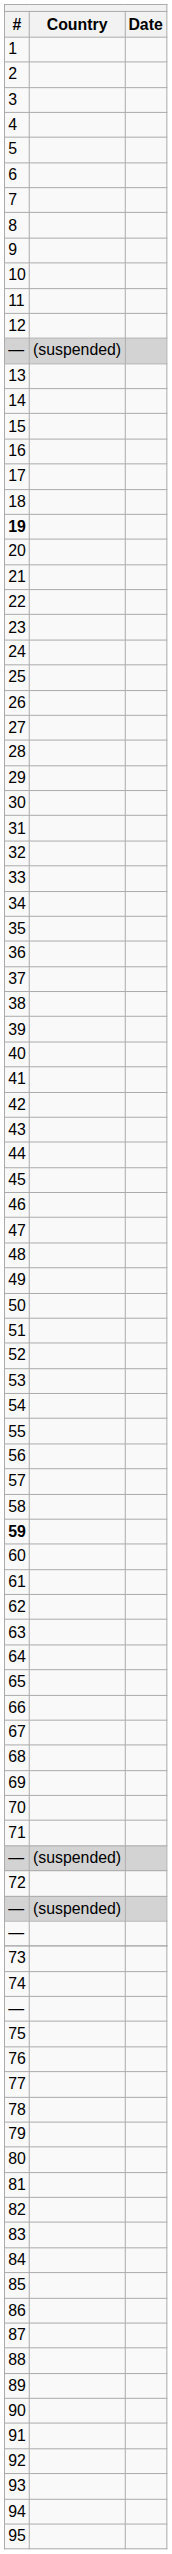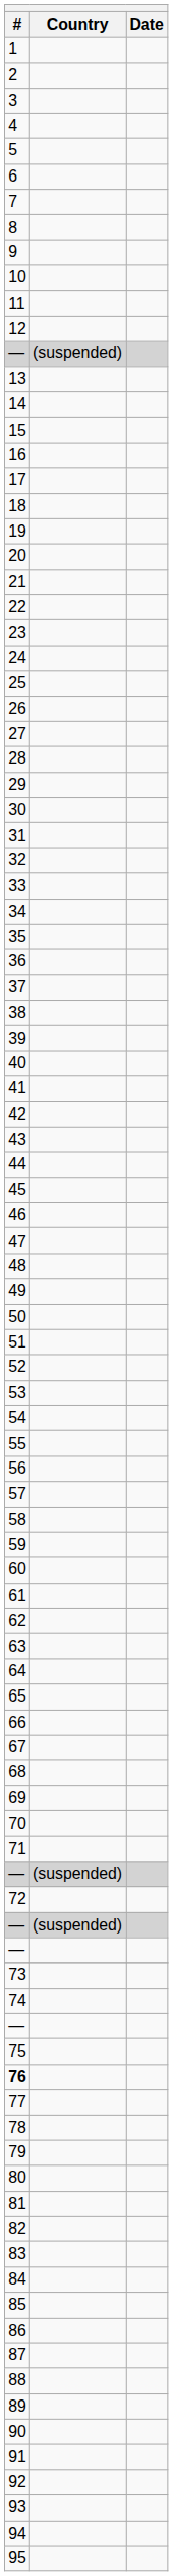 <table class="wikitable sortable">
 <tr>
 <th colspan="3"></th>
 </tr>
 <tr>
 <th>#</th>
 <th>Country</th>
 <th>Date</th>
 </tr>
 <tr>
 <td>1</td>
 <td></td>
 <td></td>
 </tr>
 <tr>
 <td>2</td>
 <td></td>
 <td></td>
 </tr>
 <tr>
 <td>3</td>
 <td></td>
 <td></td>
 </tr>
 <tr>
 <td>4</td>
 <td></td>
 <td></td>
 </tr>
 <tr>
 <td>5</td>
 <td></td>
 <td></td>
 </tr>
 <tr>
 <td>6</td>
 <td></td>
 <td></td>
 </tr>
 <tr>
 <td>7</td>
 <td></td>
 <td></td>
 </tr>
 <tr>
 <td>8</td>
 <td></td>
 <td></td>
 </tr>
 <tr>
 <td>9</td>
 <td></td>
 <td></td>
 </tr>
 <tr>
 <td>10</td>
 <td></td>
 <td></td>
 </tr>
 <tr>
 <td>11</td>
 <td></td>
 <td></td>
 </tr>
 <tr>
 <td>12</td>
 <td></td>
 <td></td>
 </tr>
 <tr style="background:#D3D3D3">
 <td>—</td>
 <td> (suspended)</td>
 <td></td>
 </tr>
 <tr>
 <td>13</td>
 <td></td>
 <td></td>
 </tr>
 <tr>
 <td>14</td>
 <td></td>
 <td></td>
 </tr>
 <tr>
 <td>15</td>
 <td></td>
 <td></td>
 </tr>
 <tr>
 <td>16</td>
 <td></td>
 <td></td>
 </tr>
 <tr>
 <td>17</td>
 <td></td>
 <td></td>
 </tr>
 <tr>
 <td>18</td>
 <td></td>
 <td></td>
 </tr>
 <tr>
-<td><strong>19</strong></td>
+<td>19</td>
 <td></td>
 <td></td>
 </tr>
 <tr>
 <td>20</td>
 <td></td>
 <td></td>
 </tr>
 <tr>
 <td>21</td>
 <td></td>
 <td></td>
 </tr>
 <tr>
 <td>22</td>
 <td></td>
 <td></td>
 </tr>
 <tr>
 <td>23</td>
 <td></td>
 <td></td>
 </tr>
 <tr>
 <td>24</td>
 <td></td>
 <td></td>
 </tr>
 <tr>
 <td>25</td>
 <td></td>
 <td></td>
 </tr>
 <tr>
 <td>26</td>
 <td></td>
 <td></td>
 </tr>
 <tr>
 <td>27</td>
 <td></td>
 <td></td>
 </tr>
 <tr>
 <td>28</td>
 <td></td>
 <td></td>
 </tr>
 <tr>
 <td>29</td>
 <td></td>
 <td></td>
 </tr>
 <tr>
 <td>30</td>
 <td></td>
 <td></td>
 </tr>
 <tr>
 <td>31</td>
 <td></td>
 <td></td>
 </tr>
 <tr>
 <td>32</td>
 <td></td>
 <td></td>
 </tr>
 <tr>
 <td>33</td>
 <td></td>
 <td></td>
 </tr>
 <tr>
 <td>34</td>
 <td></td>
 <td></td>
 </tr>
 <tr>
 <td>35</td>
 <td></td>
 <td></td>
 </tr>
 <tr>
 <td>36</td>
 <td></td>
 <td></td>
 </tr>
 <tr>
 <td>37</td>
 <td></td>
 <td></td>
 </tr>
 <tr>
 <td>38</td>
 <td></td>
 <td></td>
 </tr>
 <tr>
 <td>39</td>
 <td></td>
 <td></td>
 </tr>
 <tr>
 <td>40</td>
 <td></td>
 <td></td>
 </tr>
 <tr>
 <td>41</td>
 <td></td>
 <td></td>
 </tr>
 <tr>
 <td>42</td>
 <td></td>
 <td></td>
 </tr>
 <tr>
 <td>43</td>
 <td></td>
 <td></td>
 </tr>
 <tr>
 <td>44</td>
 <td></td>
 <td></td>
 </tr>
 <tr>
 <td>45</td>
 <td></td>
 <td></td>
 </tr>
 <tr>
 <td>46</td>
 <td></td>
 <td></td>
 </tr>
 <tr>
 <td>47</td>
 <td></td>
 <td></td>
 </tr>
 <tr>
 <td>48</td>
 <td></td>
 <td></td>
 </tr>
 <tr>
 <td>49</td>
 <td></td>
 <td></td>
 </tr>
 <tr>
 <td>50</td>
 <td></td>
 <td></td>
 </tr>
 <tr>
 <td>51</td>
 <td></td>
 <td></td>
 </tr>
 <tr>
 <td>52</td>
 <td></td>
 <td></td>
 </tr>
 <tr>
 <td>53</td>
 <td></td>
 <td></td>
 </tr>
 <tr>
 <td>54</td>
 <td></td>
 <td></td>
 </tr>
 <tr>
 <td>55</td>
 <td></td>
 <td></td>
 </tr>
 <tr>
 <td>56</td>
 <td></td>
 <td></td>
 </tr>
 <tr>
 <td>57</td>
 <td></td>
 <td></td>
 </tr>
 <tr>
 <td>58</td>
 <td></td>
 <td></td>
 </tr>
 <tr>
-<td><strong>59</strong></td>
+<td>59</td>
 <td></td>
 <td></td>
 </tr>
 <tr>
 <td>60</td>
 <td></td>
 <td></td>
 </tr>
 <tr>
 <td>61</td>
 <td></td>
 <td></td>
 </tr>
 <tr>
 <td>62</td>
 <td></td>
 <td></td>
 </tr>
 <tr>
 <td>63</td>
 <td></td>
 <td></td>
 </tr>
 <tr>
 <td>64</td>
 <td></td>
 <td></td>
 </tr>
 <tr>
 <td>65</td>
 <td></td>
 <td></td>
 </tr>
 <tr>
 <td>66</td>
 <td></td>
 <td></td>
 </tr>
 <tr>
 <td>67</td>
 <td></td>
 <td></td>
 </tr>
 <tr>
 <td>68</td>
 <td></td>
 <td></td>
 </tr>
 <tr>
 <td>69</td>
 <td></td>
 <td></td>
 </tr>
 <tr>
 <td>70</td>
 <td></td>
 <td></td>
 </tr>
 <tr>
 <td>71</td>
 <td></td>
 <td></td>
 </tr>
 <tr style="background:#D3D3D3">
 <td>—</td>
 <td> (suspended)</td>
 <td></td>
 </tr>
 <tr>
 <td>72</td>
 <td></td>
 <td></td>
 </tr>
 <tr style="background:#D3D3D3">
 <td>—</td>
 <td> (suspended)</td>
 <td></td>
 </tr>
 <tr>
 <td>—</td>
 <td></td>
 <td></td>
 </tr>
 <tr style="background:#D3D3D3">
 </tr>
 <tr>
 <td>73</td>
 <td></td>
 <td></td>
 </tr>
 <tr>
 <td>74</td>
 <td></td>
 <td></td>
 </tr>
 <tr>
 <td>—</td>
 <td></td>
 <td></td>
 </tr>
 <tr>
 <td>75</td>
 <td></td>
 <td></td>
 </tr>
 <tr>
-<td>76</td>
+<td><strong>76</strong></td>
 <td></td>
 <td></td>
 </tr>
 <tr>
 <td>77</td>
 <td></td>
 <td></td>
 </tr>
 <tr>
 <td>78</td>
 <td></td>
 <td></td>
 </tr>
 <tr>
 <td>79</td>
 <td></td>
 <td></td>
 </tr>
 <tr>
 <td>80</td>
 <td></td>
 <td></td>
 </tr>
 <tr>
 <td>81</td>
 <td></td>
 <td></td>
 </tr>
 <tr>
 <td>82</td>
 <td></td>
 <td></td>
 </tr>
 <tr>
 <td>83</td>
 <td></td>
 <td></td>
 </tr>
 <tr>
 <td>84</td>
 <td></td>
 <td></td>
 </tr>
 <tr>
 <td>85</td>
 <td></td>
 <td></td>
 </tr>
 <tr>
 <td>86</td>
 <td></td>
 <td></td>
 </tr>
 <tr>
 <td>87</td>
 <td></td>
 <td></td>
 </tr>
 <tr>
 <td>88</td>
 <td></td>
 <td></td>
 </tr>
 <tr>
 <td>89</td>
 <td></td>
 <td></td>
 </tr>
 <tr>
 <td>90</td>
 <td></td>
 <td></td>
 </tr>
 <tr>
 <td>91</td>
 <td></td>
 <td></td>
 </tr>
 <tr>
 <td>92</td>
 <td></td>
 <td></td>
 </tr>
 <tr>
 <td>93</td>
 <td></td>
 <td></td>
 </tr>
 <tr>
 <td>94</td>
 <td></td>
 <td></td>
 </tr>
 <tr>
 <td>95</td>
 <td></td>
 <td></td>
 </tr>
 </table>
